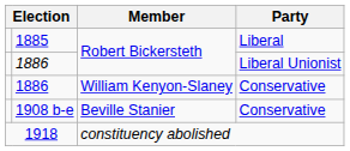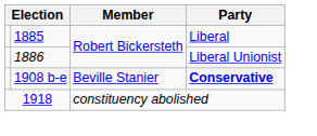 <table class="wikitable">
 <tr>
 <th colspan="2">Election</th>
 <th>Member</th>
 <th>Party</th>
 </tr>
 <tr>
 <td style="color:inherit;background-color: "></td>
 <td><a href='#'>1885</a></td>
 <td rowspan="2"><a href='#'>Robert Bickersteth</a></td>
 <td><a href='#'>Liberal</a></td>
 </tr>
 <tr>
 <td style="color:inherit;background-color: "></td>
 <td><em>1886</em></td>
 <td><a href='#'>Liberal Unionist</a></td>
 </tr>
 <tr>
 <td style="color:inherit;background-color: "></td>
-<td><a href='#'>1886</a></td>
-<td><a href='#'>William Kenyon-Slaney</a></td>
-<td><a href='#'>Conservative</a></td>
-</tr>
-<tr>
-<td style="color:inherit;background-color: "></td>
 <td><a href='#'>1908 b-e</a></td>
 <td><a href='#'>Beville Stanier</a></td>
-<td><a href='#'>Conservative</a></td>
+<td><strong><a href='#'>Conservative</a></strong></td>
 </tr>
 <tr>
 <td colspan="2" align="center"><a href='#'>1918</a></td>
 <td colspan="2"><em>constituency abolished</em></td>
 </tr>
 </table>
